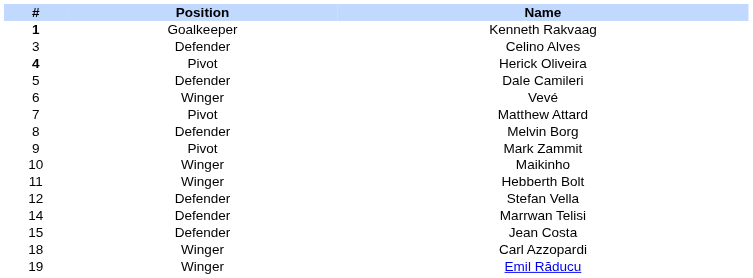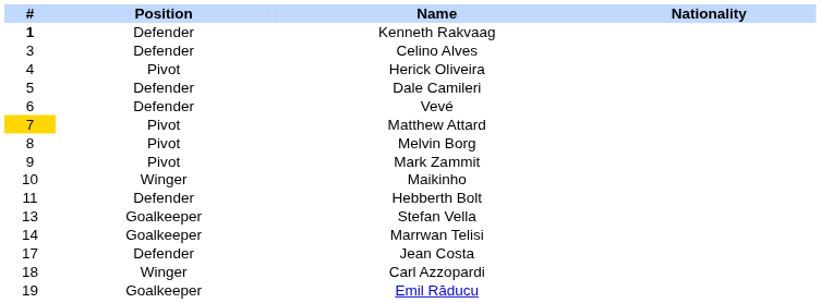 <table style="border-collapse:collapse; font-size:90%; cellpadding=3; cellspacing:0; width:50%;text-align:center; ">
 <tr>
 <th style="width=2%;background:#C1D8FF">#</th>
 <th style="width=5%;background:#C1D8FF">Position</th>
 <th style="width=15%;background:#C1D8FF">Name</th>
+<th style="width=5%;background:#C1D8FF">Nationality</th>
 </tr>
 <tr>
 <td><strong>1</strong></td>
-<td>Goalkeeper</td>
+<td>Defender</td>
 <td>Kenneth Rakvaag</td>
+<td></td>
 </tr>
 <tr>
 <td>3</td>
 <td>Defender</td>
 <td>Celino Alves</td>
+<td></td>
 </tr>
 <tr>
-<td><strong>4</strong></td>
+<td>4</td>
 <td>Pivot</td>
 <td>Herick Oliveira</td>
+<td></td>
 </tr>
 <tr>
 <td>5</td>
 <td>Defender</td>
 <td>Dale Camileri</td>
+<td></td>
 </tr>
 <tr>
 <td>6</td>
-<td>Winger</td>
+<td>Defender</td>
 <td>Vevé</td>
+<td></td>
 </tr>
 <tr>
-<td>7</td>
+<td style="background: gold;">7</td>
 <td>Pivot</td>
 <td>Matthew Attard</td>
+<td></td>
 </tr>
 <tr>
 <td>8</td>
-<td>Defender</td>
+<td>Pivot</td>
 <td>Melvin Borg</td>
+<td></td>
 </tr>
 <tr>
 <td>9</td>
 <td>Pivot</td>
 <td>Mark Zammit</td>
+<td></td>
 </tr>
 <tr>
 <td>10</td>
 <td>Winger</td>
 <td>Maikinho</td>
+<td></td>
 </tr>
 <tr>
 <td>11</td>
-<td>Winger</td>
+<td>Defender</td>
 <td>Hebberth Bolt</td>
+<td></td>
 </tr>
 <tr>
-<td>12</td>
-<td>Defender</td>
+<td>13</td>
+<td>Goalkeeper</td>
 <td>Stefan Vella</td>
+<td></td>
 </tr>
 <tr>
 <td>14</td>
-<td>Defender</td>
+<td>Goalkeeper</td>
 <td>Marrwan Telisi</td>
+<td></td>
 </tr>
 <tr>
-<td>15</td>
+<td>17</td>
 <td>Defender</td>
 <td>Jean Costa</td>
+<td></td>
 </tr>
 <tr>
 <td>18</td>
 <td>Winger</td>
 <td>Carl Azzopardi</td>
+<td></td>
 </tr>
 <tr>
 <td>19</td>
-<td>Winger</td>
+<td>Goalkeeper</td>
 <td><a href='#'>Emil Răducu</a></td>
+<td></td>
 </tr>
 </table>
